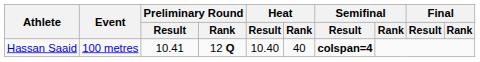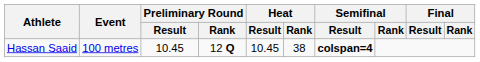 <table class="wikitable" style="font-size:90%">
 <tr>
 <th rowspan="2">Athlete</th>
 <th rowspan="2">Event</th>
 <th colspan="2">Preliminary Round</th>
 <th colspan="2">Heat</th>
 <th colspan="2">Semifinal</th>
 <th colspan="2">Final</th>
 </tr>
 <tr style="font-size:95%">
 <th>Result</th>
 <th>Rank</th>
 <th>Result</th>
 <th>Rank</th>
 <th>Result</th>
 <th>Rank</th>
 <th>Result</th>
 <th>Rank</th>
 </tr>
 <tr style=text-align:center>
 <td style=text-align:left><a href='#'>Hassan Saaid</a></td>
 <td style=text-align:left><a href='#'>100 metres</a></td>
-<td>10.41</td>
+<td>10.45</td>
 <td>12 <strong>Q</strong></td>
-<td>10.40</td>
-<td>40</td>
+<td>10.45</td>
+<td>38</td>
 <td><strong>colspan=4 </strong></td>
 </tr>
 </table>
